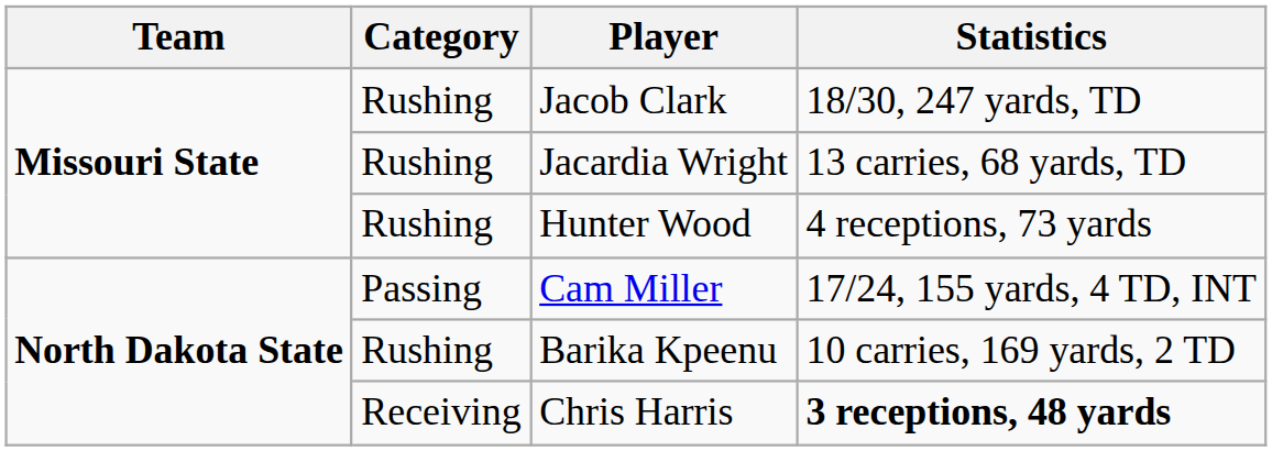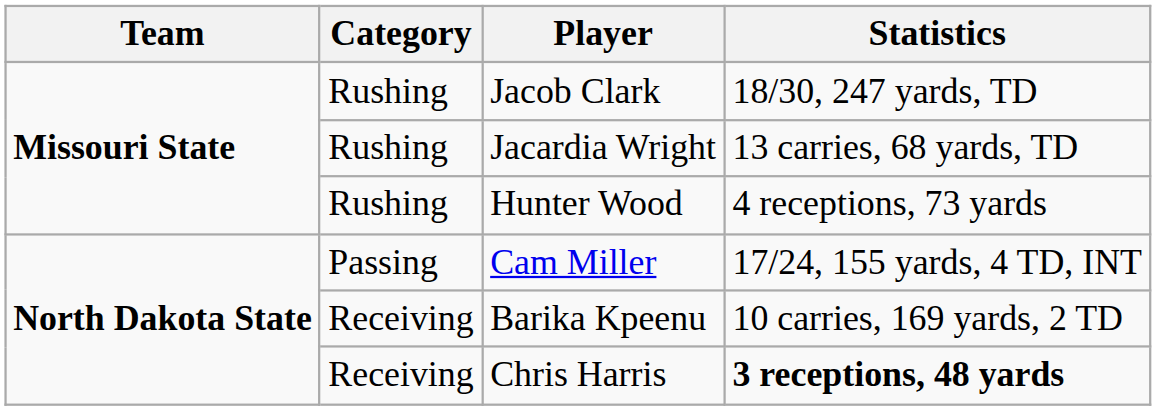 <table class="wikitable" style="float: right;">
 <tr>
 <th>Team</th>
 <th>Category</th>
 <th>Player</th>
 <th>Statistics</th>
 </tr>
 <tr>
 <td rowspan=3><strong>Missouri State</strong></td>
 <td>Rushing</td>
 <td>Jacob Clark</td>
 <td>18/30, 247 yards, TD</td>
 </tr>
 <tr>
 <td>Rushing</td>
 <td>Jacardia Wright</td>
 <td>13 carries, 68 yards, TD</td>
 </tr>
 <tr>
 <td>Rushing</td>
 <td>Hunter Wood</td>
 <td>4 receptions, 73 yards</td>
 </tr>
 <tr>
 <td rowspan=3><strong>North Dakota State</strong></td>
 <td>Passing</td>
 <td><a href='#'>Cam Miller</a></td>
 <td>17/24, 155 yards, 4 TD, INT</td>
 </tr>
 <tr>
-<td>Rushing</td>
+<td>Receiving</td>
 <td>Barika Kpeenu</td>
 <td>10 carries, 169 yards, 2 TD</td>
 </tr>
 <tr>
 <td>Receiving</td>
 <td>Chris Harris</td>
 <td><strong>3 receptions, 48 yards</strong></td>
 </tr>
 </table>
